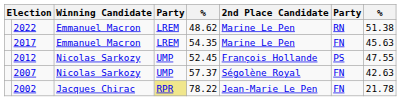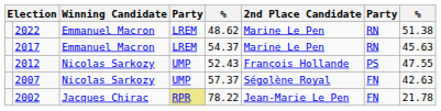 <table class="wikitable">
 <tr>
 <th colspan="2">Election</th>
 <th>Winning Candidate</th>
 <th>Party</th>
 <th>%</th>
 <th>2nd Place Candidate</th>
 <th>Party</th>
 <th>%</th>
 </tr>
 <tr>
 <td></td>
 <td><a href='#'>2022</a></td>
 <td><a href='#'>Emmanuel Macron</a></td>
 <td><a href='#'>LREM</a></td>
 <td>48.62</td>
 <td><a href='#'>Marine Le Pen</a></td>
 <td><a href='#'>RN</a></td>
 <td>51.38</td>
 </tr>
 <tr>
 <td style="background-color: "></td>
 <td><a href='#'>2017</a></td>
 <td><a href='#'>Emmanuel Macron</a></td>
 <td><a href='#'>LREM</a></td>
-<td>54.35</td>
+<td>54.37</td>
 <td><a href='#'>Marine Le Pen</a></td>
-<td><a href='#'>FN</a></td>
+<td><a href='#'>RN</a></td>
 <td>45.63</td>
 </tr>
 <tr>
 <td style="background-color: "></td>
 <td><a href='#'>2012</a></td>
 <td><a href='#'>Nicolas Sarkozy</a></td>
 <td><a href='#'>UMP</a></td>
-<td>52.45</td>
+<td>52.43</td>
 <td><a href='#'>François Hollande</a></td>
 <td><a href='#'>PS</a></td>
 <td>47.55</td>
 </tr>
 <tr>
 <td style="background-color: "></td>
 <td><a href='#'>2007</a></td>
 <td><a href='#'>Nicolas Sarkozy</a></td>
 <td><a href='#'>UMP</a></td>
 <td>57.37</td>
 <td><a href='#'>Ségolène Royal</a></td>
 <td><a href='#'>FN</a></td>
 <td>42.63</td>
 </tr>
 <tr>
 <td style="background-color: "></td>
 <td><a href='#'>2002</a></td>
 <td><a href='#'>Jacques Chirac</a></td>
 <td style="background: khaki;"><a href='#'>RPR</a></td>
 <td>78.22</td>
 <td><a href='#'>Jean-Marie Le Pen</a></td>
 <td><a href='#'>FN</a></td>
 <td>21.78</td>
 </tr>
 </table>
